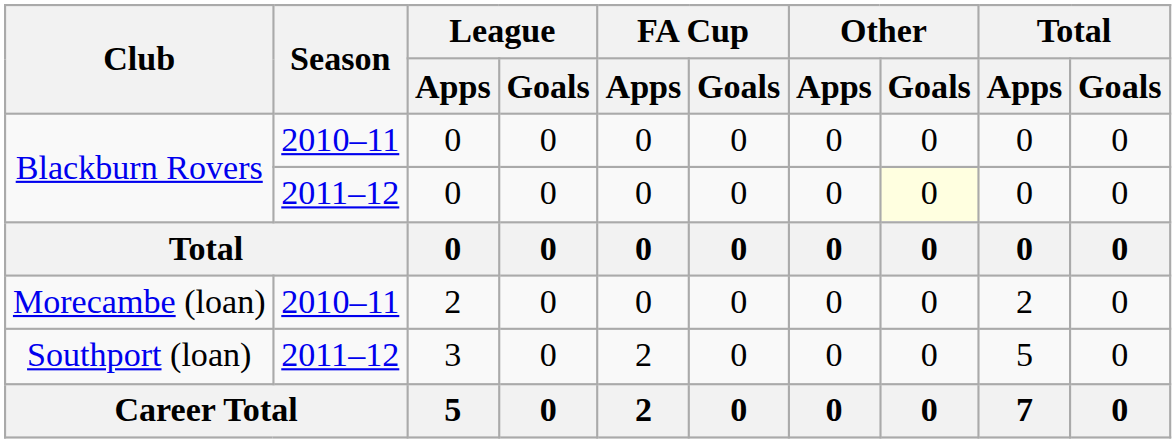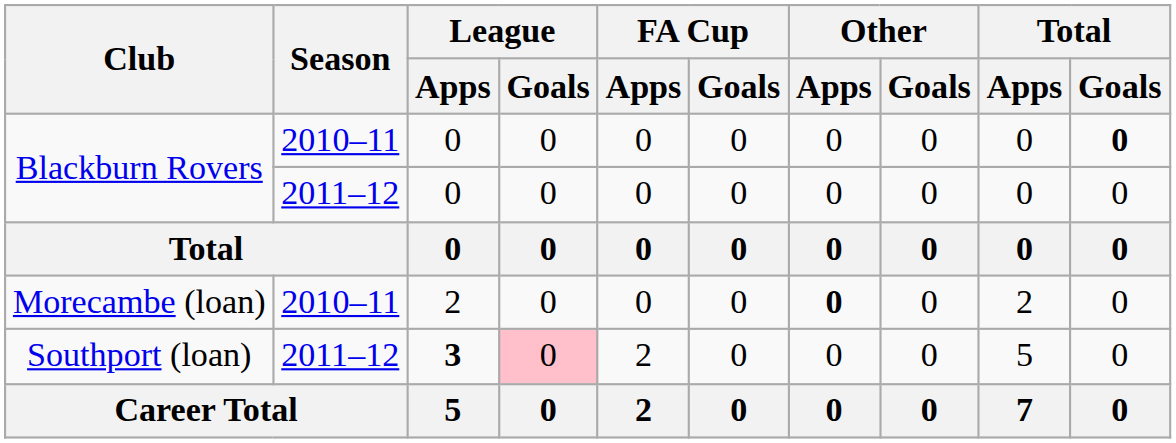 <table class="wikitable" style="text-align: center;">
 <tr>
 <th rowspan="2">Club</th>
 <th rowspan="2">Season</th>
 <th colspan="2">League</th>
 <th colspan="2">FA Cup</th>
 <th colspan="2">Other</th>
 <th colspan="2">Total</th>
 </tr>
 <tr>
 <th>Apps</th>
 <th>Goals</th>
 <th>Apps</th>
 <th>Goals</th>
 <th>Apps</th>
 <th>Goals</th>
 <th>Apps</th>
 <th>Goals</th>
 </tr>
 <tr>
 <td rowspan="2"><a href='#'>Blackburn Rovers</a></td>
 <td><a href='#'>2010–11</a></td>
 <td>0</td>
 <td>0</td>
 <td>0</td>
 <td>0</td>
 <td>0</td>
 <td>0</td>
 <td>0</td>
-<td>0</td>
+<td><strong>0</strong></td>
 </tr>
 <tr>
 <td><a href='#'>2011–12</a></td>
 <td>0</td>
 <td>0</td>
 <td>0</td>
 <td>0</td>
 <td>0</td>
-<td style="background: lightyellow;">0</td>
+<td>0</td>
 <td>0</td>
 <td>0</td>
 </tr>
 <tr>
 <th colspan="2">Total</th>
 <th>0</th>
 <th>0</th>
 <th>0</th>
 <th>0</th>
 <th>0</th>
 <th>0</th>
 <th>0</th>
 <th>0</th>
 </tr>
 <tr>
 <td rowspan="1"><a href='#'>Morecambe</a> (loan)</td>
 <td><a href='#'>2010–11</a></td>
 <td>2</td>
 <td>0</td>
 <td>0</td>
 <td>0</td>
-<td>0</td>
+<td><strong>0</strong></td>
 <td>0</td>
 <td>2</td>
 <td>0</td>
 </tr>
 <tr>
 <td rowspan="1"><a href='#'>Southport</a> (loan)</td>
 <td><a href='#'>2011–12</a></td>
-<td>3</td>
-<td>0</td>
+<td><strong>3</strong></td>
+<td style="background: pink;">0</td>
 <td>2</td>
 <td>0</td>
 <td>0</td>
 <td>0</td>
 <td>5</td>
 <td>0</td>
 </tr>
 <tr>
 <th colspan="2">Career Total</th>
 <th>5</th>
 <th>0</th>
 <th>2</th>
 <th>0</th>
 <th>0</th>
 <th>0</th>
 <th>7</th>
 <th>0</th>
 </tr>
 </table>
